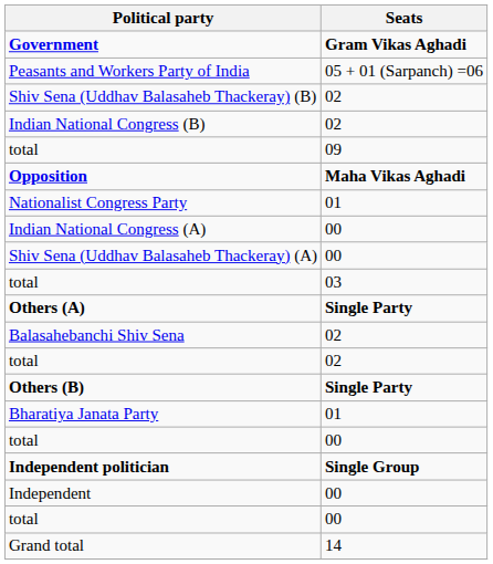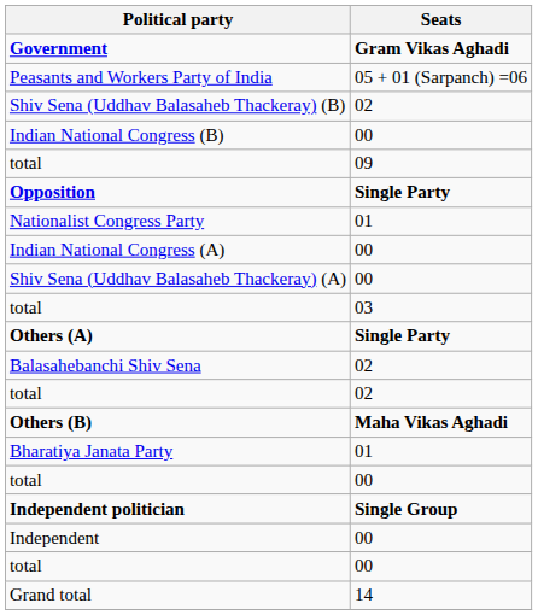 <table class="wikitable">
 <tr>
 <th>Political party</th>
 <th>Seats</th>
 </tr>
 <tr>
 <td><strong><a href='#'>Government</a></strong></td>
 <td><strong>Gram Vikas Aghadi</strong></td>
 </tr>
 <tr>
 <td><a href='#'>Peasants and Workers Party of India</a></td>
 <td>05 + 01 (Sarpanch) =06</td>
 </tr>
 <tr>
 <td><a href='#'>Shiv Sena (Uddhav Balasaheb Thackeray)</a> (B)</td>
 <td>02</td>
 </tr>
 <tr>
 <td><a href='#'>Indian National Congress</a> (B)</td>
-<td>02</td>
+<td>00</td>
 </tr>
 <tr>
 <td>total</td>
 <td>09</td>
 </tr>
 <tr>
 <td><strong><a href='#'>Opposition</a></strong></td>
-<td><strong>Maha Vikas Aghadi</strong></td>
+<td><strong>Single  Party</strong></td>
 </tr>
 <tr>
 <td><a href='#'>Nationalist Congress Party</a></td>
 <td>01</td>
 </tr>
 <tr>
 <td><a href='#'>Indian National Congress</a> (A)</td>
 <td>00</td>
 </tr>
 <tr>
 <td><a href='#'>Shiv Sena (Uddhav Balasaheb Thackeray)</a> (A)</td>
 <td>00</td>
 </tr>
 <tr>
 <td>total</td>
 <td>03</td>
 </tr>
 <tr>
 <td><strong>Others (A)</strong></td>
 <td><strong>Single  Party</strong></td>
 </tr>
 <tr>
 <td><a href='#'>Balasahebanchi Shiv Sena</a></td>
 <td>02</td>
 </tr>
 <tr>
 <td>total</td>
 <td>02</td>
 </tr>
 <tr>
 <td><strong>Others (B)</strong></td>
-<td><strong>Single  Party</strong></td>
+<td><strong>Maha Vikas Aghadi</strong></td>
 </tr>
 <tr>
 <td><a href='#'>Bharatiya Janata Party</a></td>
 <td>01</td>
 </tr>
 <tr>
 <td>total</td>
 <td>00</td>
 </tr>
 <tr>
 <td><strong>Independent politician</strong></td>
 <td><strong>Single Group</strong></td>
 </tr>
 <tr>
 <td>Independent</td>
 <td>00</td>
 </tr>
 <tr>
 <td>total</td>
 <td>00</td>
 </tr>
 <tr>
 <td>Grand total</td>
 <td>14</td>
 </tr>
 <tr>
 </tr>
 </table>
